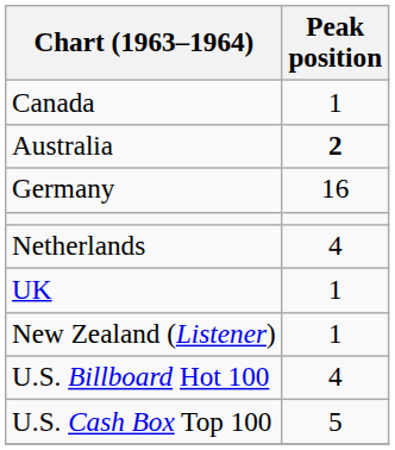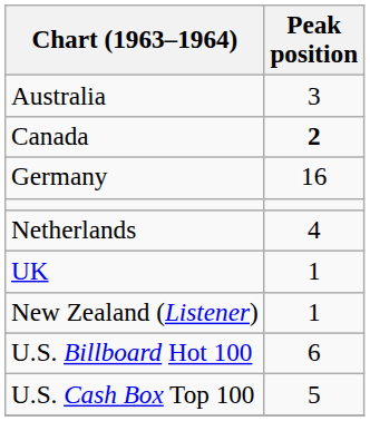 <table class="wikitable sortable">
 <tr>
 <th>Chart (1963–1964)</th>
 <th>Peak<br>position</th>
 </tr>
 <tr>
-<td>Canada</td>
-<td style="text-align:center;">1</td>
+<td>Australia</td>
+<td style="text-align:center;">3</td>
 </tr>
 <tr>
-<td>Australia</td>
+<td>Canada</td>
 <td style="text-align:center;"><strong>2</strong></td>
 </tr>
 <tr>
 <td>Germany</td>
 <td style="text-align:center;">16</td>
 </tr>
 <tr>
 <td></td>
 </tr>
 <tr>
 <td>Netherlands</td>
 <td style="text-align:center;">4</td>
 </tr>
 <tr>
 <td><a href='#'>UK</a></td>
 <td style="text-align:center;">1</td>
 </tr>
 <tr>
 <td>New Zealand (<em><a href='#'>Listener</a></em>)</td>
 <td style="text-align:center;">1</td>
 </tr>
 <tr>
 <td>U.S. <em><a href='#'>Billboard</a></em> <a href='#'>Hot 100</a></td>
-<td style="text-align:center;">4</td>
+<td style="text-align:center;">6</td>
 </tr>
 <tr>
 <td>U.S. <a href='#'><em>Cash Box</em></a> Top 100</td>
 <td align="center">5</td>
 </tr>
 <tr>
 </tr>
 </table>
